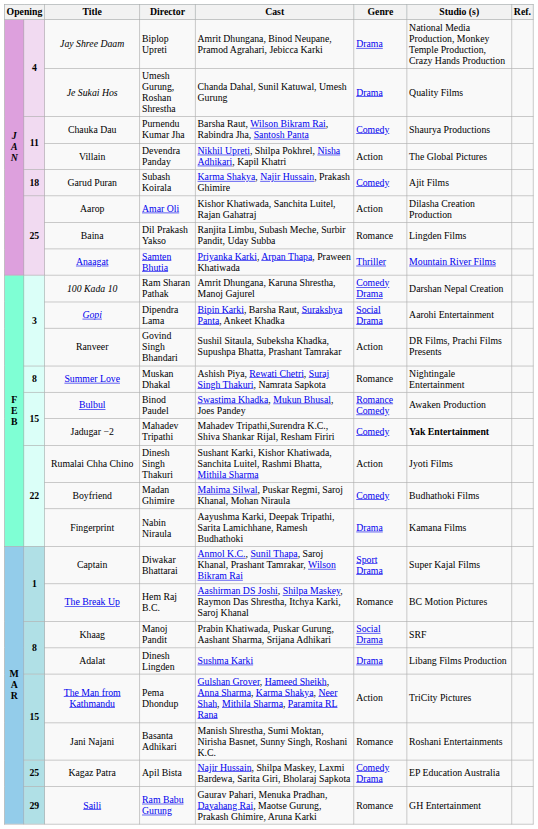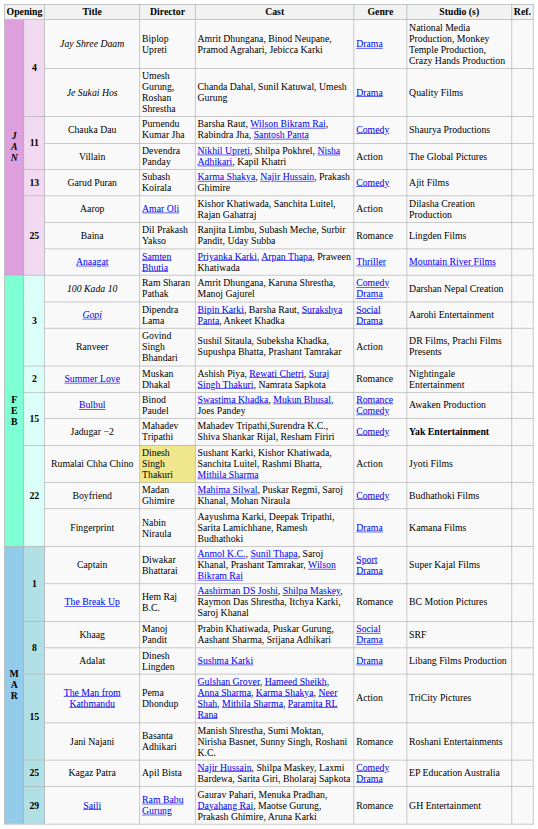 <table class="wikitable">
 <tr style="background:#b0e0e6; text-align:center;">
 <th colspan="2" style="width:6%;"><strong>Opening</strong></th>
 <th style="width:18%;"><strong>Title</strong></th>
 <th style="width:10.5%;"><strong>Director</strong></th>
 <th style="width:30%;"><strong>Cast</strong></th>
 <th style="width:10%;"><strong>Genre</strong></th>
 <th>Studio (s)</th>
 <th>Ref.</th>
 </tr>
 <tr>
 <th rowspan="8" style="text-align:center; background:plum; textcolor:#000;"><em>J<br>A<br>N</em></th>
 <td rowspan="2" style="text-align:center;background:#f1daf1;"><strong>4</strong></td>
 <td style="text-align:center;"><em>Jay Shree Daam</em></td>
 <td>Biplop Upreti</td>
 <td>Amrit Dhungana, Binod Neupane, Pramod Agrahari, Jebicca Karki</td>
 <td><a href='#'>Drama</a></td>
 <td>National Media Production, Monkey Temple Production, Crazy Hands Production</td>
 <td></td>
 </tr>
 <tr>
 <td style="text-align:center;"><em>Je Sukai Hos</em></td>
 <td>Umesh Gurung, Roshan Shrestha</td>
 <td>Chanda Dahal, Sunil Katuwal, Umesh Gurung</td>
 <td><a href='#'>Drama</a></td>
 <td>Quality Films</td>
 <td></td>
 </tr>
 <tr>
 <td rowspan="2" style="text-align:center;background:#f1daf1;"><strong>11</strong></td>
 <td style="text-align:center;">Chauka Dau</td>
 <td>Purnendu Kumar Jha</td>
 <td>Barsha Raut, <a href='#'>Wilson Bikram Rai</a>, Rabindra Jha, <a href='#'>Santosh Panta</a></td>
 <td><a href='#'>Comedy</a></td>
 <td>Shaurya Productions</td>
 <td></td>
 </tr>
 <tr>
 <td style="text-align:center;">Villain</td>
 <td>Devendra Panday</td>
 <td><a href='#'>Nikhil Upreti</a>, Shilpa Pokhrel, <a href='#'>Nisha Adhikari</a>, Kapil Khatri</td>
 <td>Action</td>
 <td>The Global Pictures</td>
 <td></td>
 </tr>
 <tr>
-<td rowspan="1" style="text-align:center;background:#f1daf1;"><strong>18</strong></td>
+<td rowspan="1" style="text-align:center;background:#f1daf1;"><strong>13</strong></td>
 <td style="text-align:center;">Garud Puran</td>
 <td>Subash Koirala</td>
 <td><a href='#'>Karma Shakya</a>, <a href='#'>Najir Hussain</a>, Prakash Ghimire</td>
 <td><a href='#'>Comedy</a></td>
 <td>Ajit Films</td>
 <td></td>
 </tr>
 <tr>
 <td rowspan="3" style="text-align:center;background:#f1daf1;"><strong>25</strong></td>
 <td style="text-align:center;">Aarop</td>
 <td><a href='#'>Amar Oli</a></td>
 <td>Kishor Khatiwada, Sanchita Luitel, Rajan Gahatraj</td>
 <td>Action</td>
 <td>Dilasha Creation Production</td>
 <td></td>
 </tr>
 <tr>
 <td style="text-align:center;">Baina</td>
 <td>Dil Prakash Yakso</td>
 <td>Ranjita Limbu, Subash Meche, Surbir Pandit, Uday Subba</td>
 <td>Romance</td>
 <td>Lingden Films</td>
 <td></td>
 </tr>
 <tr>
 <td style="text-align:center;"><a href='#'>Anaagat</a></td>
 <td><a href='#'>Samten Bhutia</a></td>
 <td><a href='#'>Priyanka Karki</a>, <a href='#'>Arpan Thapa</a>, Praween Khatiwada</td>
 <td><a href='#'>Thriller</a></td>
 <td><a href='#'>Mountain River Films</a></td>
 <td></td>
 </tr>
 <tr>
 <td rowspan="9" style="text-align:center; background:#7FFFD4; textcolor:#000;"><strong>F<br>E<br>B</strong></td>
 <td rowspan="3" style="text-align:center;background:#dbfff8;"><strong>3</strong></td>
 <td style="text-align:center;"><em>100 Kada 10</em></td>
 <td>Ram Sharan Pathak</td>
 <td>Amrit Dhungana, Karuna Shrestha, Manoj Gajurel</td>
 <td><a href='#'>Comedy</a> <a href='#'>Drama</a></td>
 <td>Darshan Nepal Creation</td>
 <td></td>
 </tr>
 <tr>
 <td style="text-align:center;"><em><a href='#'>Gopi</a></em></td>
 <td>Dipendra Lama</td>
 <td><a href='#'>Bipin Karki</a>, Barsha Raut, <a href='#'>Surakshya Panta</a>, Ankeet Khadka</td>
 <td><a href='#'>Social Drama</a></td>
 <td>Aarohi Entertainment</td>
 <td></td>
 </tr>
 <tr>
 <td style="text-align:center;">Ranveer</td>
 <td>Govind Singh Bhandari</td>
 <td>Sushil Sitaula, Subeksha Khadka, Supushpa Bhatta, Prashant Tamrakar</td>
 <td>Action</td>
 <td>DR Films, Prachi Films Presents</td>
 <td></td>
 </tr>
 <tr>
-<td rowspan="1" style="text-align:center;background:#dbfff8;"><strong>8</strong></td>
+<td rowspan="1" style="text-align:center;background:#dbfff8;"><strong>2</strong></td>
 <td style="text-align:center;"><a href='#'>Summer Love</a></td>
 <td>Muskan Dhakal</td>
 <td>Ashish Piya, <a href='#'>Rewati Chetri</a>, <a href='#'>Suraj Singh Thakuri</a>, Namrata Sapkota</td>
 <td>Romance</td>
 <td>Nightingale Entertainment</td>
 <td></td>
 </tr>
 <tr>
 <td rowspan="2" style="text-align:center;background:#dbfff8;"><strong>15</strong></td>
 <td style="text-align:center;"><a href='#'>Bulbul</a></td>
 <td>Binod Paudel</td>
 <td><a href='#'>Swastima Khadka</a>, <a href='#'>Mukun Bhusal</a>, Joes Pandey</td>
 <td><a href='#'>Romance Comedy</a></td>
 <td>Awaken Production</td>
 <td></td>
 </tr>
 <tr>
 <td style="text-align:center;">Jadugar −2</td>
 <td>Mahadev Tripathi</td>
 <td>Mahadev Tripathi,Surendra K.C., Shiva Shankar Rijal, Resham Firiri</td>
 <td><a href='#'>Comedy</a></td>
 <td><strong>Yak Entertainment</strong></td>
 <td></td>
 </tr>
 <tr>
 <td rowspan="3" style="text-align:center;background:#dbfff8;"><strong>22</strong></td>
 <td style="text-align:center;">Rumalai Chha Chino</td>
-<td>Dinesh Singh Thakuri</td>
+<td style="background: khaki;">Dinesh Singh Thakuri</td>
 <td>Sushant Karki, Kishor Khatiwada, Sanchita Luitel, Rashmi Bhatta, <a href='#'>Mithila Sharma</a></td>
 <td>Action</td>
 <td>Jyoti Films</td>
 <td></td>
 </tr>
 <tr>
 <td style="text-align:center;">Boyfriend</td>
 <td>Madan Ghimire</td>
 <td><a href='#'>Mahima Silwal</a>, Puskar Regmi, Saroj Khanal, Mohan Niraula</td>
 <td><a href='#'>Comedy</a></td>
 <td>Budhathoki Films</td>
 <td></td>
 </tr>
 <tr>
 <td style="text-align:center;">Fingerprint</td>
 <td>Nabin Niraula</td>
 <td>Aayushma Karki, Deepak Tripathi, Sarita Lamichhane, Ramesh Budhathoki</td>
 <td><a href='#'>Drama</a></td>
 <td>Kamana Films</td>
 <td></td>
 </tr>
 <tr>
 <td rowspan="10" style="text-align:center; background:#93CCEA; textcolor:#000;"><strong>M<br>A<br>R</strong></td>
 <td rowspan="2" style="text-align:center;background:#B0E0E6;"><strong>1</strong></td>
 <td style="text-align:center;">Captain</td>
 <td>Diwakar Bhattarai</td>
 <td><a href='#'>Anmol K.C.</a>, <a href='#'>Sunil Thapa</a>, Saroj Khanal, Prashant Tamrakar, <a href='#'>Wilson Bikram Rai</a></td>
 <td><a href='#'>Sport Drama</a></td>
 <td>Super Kajal Films</td>
 <td></td>
 </tr>
 <tr>
 <td style="text-align:center;"><a href='#'>The Break Up</a></td>
 <td>Hem Raj B.C.</td>
 <td><a href='#'>Aashirman DS Joshi</a>, <a href='#'>Shilpa Maskey</a>, Raymon Das Shrestha, Itchya Karki, Saroj Khanal</td>
 <td>Romance</td>
 <td>BC Motion Pictures</td>
 <td></td>
 </tr>
 <tr>
 <td rowspan="2" style="text-align:center;background:#B0E0E6;"><strong>8</strong></td>
 <td style="text-align:center;">Khaag</td>
 <td>Manoj Pandit</td>
 <td>Prabin Khatiwada, Puskar Gurung, Aashant Sharma, Srijana Adhikari</td>
 <td><a href='#'>Social Drama</a></td>
 <td>SRF</td>
 <td></td>
 </tr>
 <tr>
 <td style="text-align:center;">Adalat</td>
 <td>Dinesh Lingden</td>
 <td><a href='#'>Sushma Karki</a></td>
 <td><a href='#'>Drama</a></td>
 <td>Libang Films Production</td>
 <td></td>
 </tr>
 <tr>
 <td rowspan="2" style="text-align:center;background:#B0E0E6;"><strong>15</strong></td>
 <td style="text-align:center;"><a href='#'>The Man from Kathmandu</a></td>
 <td>Pema Dhondup</td>
 <td><a href='#'>Gulshan Grover</a>, <a href='#'>Hameed Sheikh</a>, <a href='#'>Anna Sharma</a>, <a href='#'>Karma Shakya</a>, <a href='#'>Neer Shah</a>, <a href='#'>Mithila Sharma</a>, <a href='#'>Paramita RL Rana</a></td>
 <td>Action</td>
 <td>TriCity Pictures</td>
 <td></td>
 </tr>
 <tr>
 <td style="text-align:center;">Jani Najani</td>
 <td>Basanta Adhikari</td>
 <td>Manish Shrestha, Sumi Moktan, Nirisha Basnet, Sunny Singh, Roshani K.C.</td>
 <td>Romance</td>
 <td>Roshani Entertainments</td>
 <td></td>
 </tr>
 <tr>
 <td rowspan="1" style="text-align:center;background:#B0E0E6;"><strong>25</strong></td>
 <td style="text-align:center;">Kagaz Patra</td>
 <td>Apil Bista</td>
 <td><a href='#'>Najir Hussain</a>, Shilpa Maskey, Laxmi Bardewa, Sarita Giri, Bholaraj Sapkota</td>
 <td><a href='#'>Comedy Drama</a></td>
 <td>EP Education Australia</td>
 <td></td>
 </tr>
 <tr>
 <td rowspan="1" style="text-align:center;background:#B0E0E6;"><strong>29</strong></td>
 <td style="text-align:center;"><a href='#'>Saili</a></td>
 <td><a href='#'>Ram Babu Gurung</a></td>
 <td>Gaurav Pahari, Menuka Pradhan, <a href='#'>Dayahang Rai</a>, Maotse Gurung, Prakash Ghimire, Aruna Karki</td>
 <td>Romance</td>
 <td>GH Entertainment</td>
 <td></td>
 </tr>
 </table>
